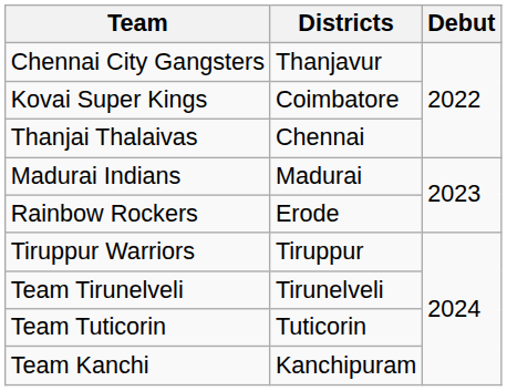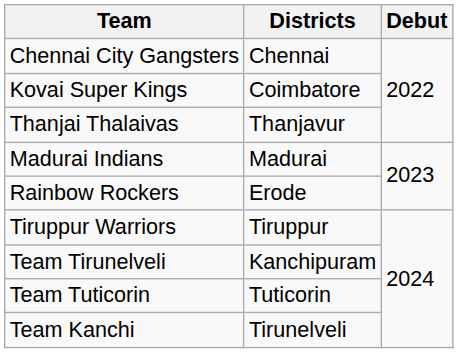 <table class="wikitable">
 <tr>
 <th>Team</th>
 <th>Districts</th>
 <th>Debut</th>
 </tr>
 <tr>
 <td>Chennai City Gangsters</td>
-<td>Thanjavur</td>
+<td>Chennai</td>
 <td rowspan="3">2022</td>
 </tr>
 <tr>
 <td>Kovai Super Kings</td>
 <td>Coimbatore</td>
 </tr>
 <tr>
 <td>Thanjai Thalaivas</td>
-<td>Chennai</td>
+<td>Thanjavur</td>
 </tr>
 <tr>
 <td>Madurai Indians</td>
 <td>Madurai</td>
 <td rowspan="2">2023</td>
 </tr>
 <tr>
 <td>Rainbow Rockers</td>
 <td>Erode</td>
 </tr>
 <tr>
 <td>Tiruppur Warriors</td>
 <td>Tiruppur</td>
 <td rowspan="4">2024</td>
 </tr>
 <tr>
 <td>Team Tirunelveli</td>
-<td>Tirunelveli</td>
+<td>Kanchipuram</td>
 </tr>
 <tr>
 <td>Team Tuticorin</td>
 <td>Tuticorin</td>
 </tr>
 <tr>
 <td>Team Kanchi</td>
-<td>Kanchipuram</td>
+<td>Tirunelveli</td>
 </tr>
 </table>
